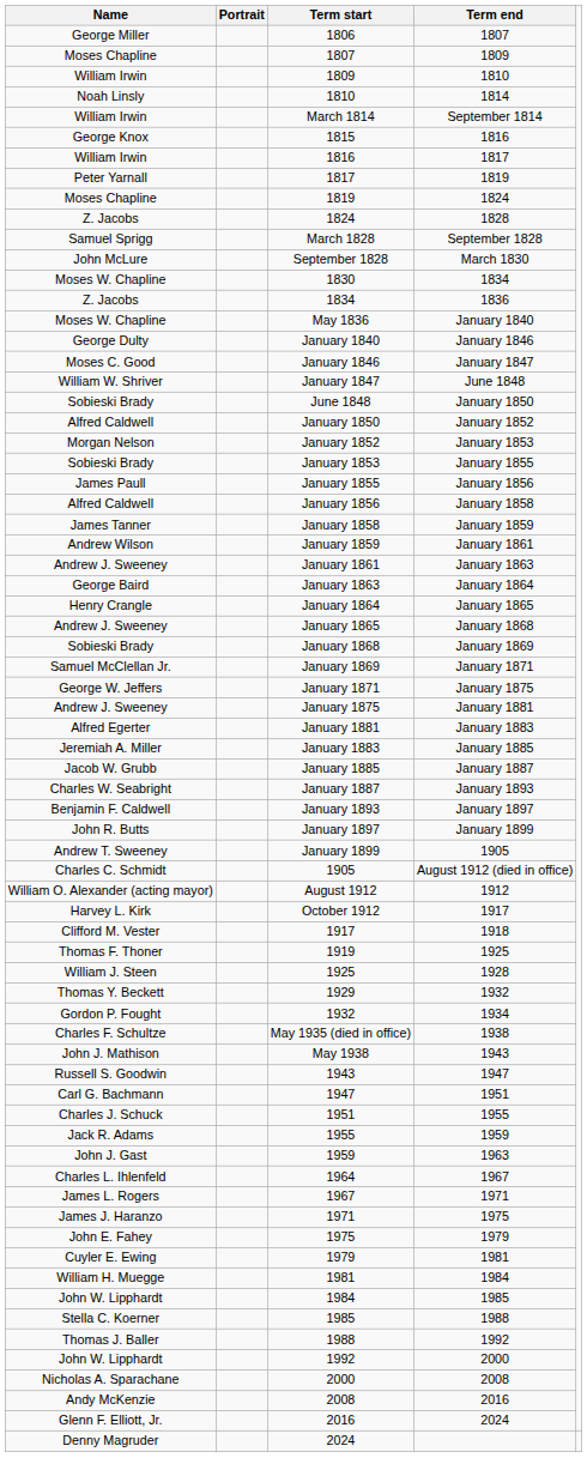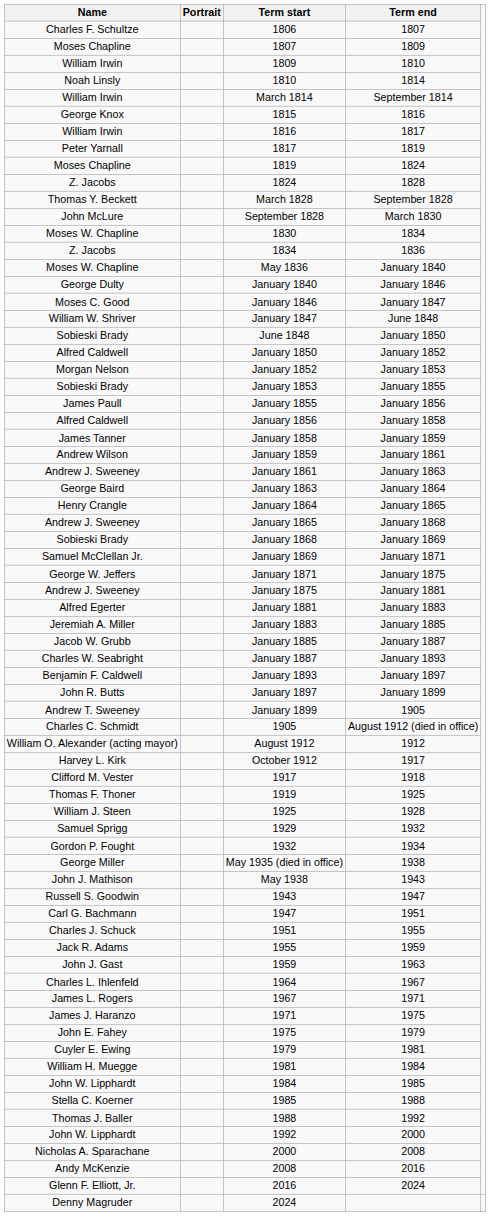 <table class="wikitable" style="text-align:center">
 <tr>
 <th>Name</th>
 <th>Portrait</th>
 <th>Term start</th>
 <th>Term end</th>
 </tr>
 <tr>
-<td>George Miller</td>
+<td>Charles F. Schultze</td>
 <td></td>
 <td>1806</td>
 <td>1807</td>
 </tr>
 <tr>
 <td>Moses Chapline</td>
 <td></td>
 <td>1807</td>
 <td>1809</td>
 </tr>
 <tr>
 <td>William Irwin</td>
 <td></td>
 <td>1809</td>
 <td>1810</td>
 </tr>
 <tr>
 <td>Noah Linsly</td>
 <td></td>
 <td>1810</td>
 <td>1814</td>
 </tr>
 <tr>
 <td>William Irwin</td>
 <td></td>
 <td>March 1814</td>
 <td>September 1814</td>
 </tr>
 <tr>
 <td>George Knox</td>
 <td></td>
 <td>1815</td>
 <td>1816</td>
 </tr>
 <tr>
 <td>William Irwin</td>
 <td></td>
 <td>1816</td>
 <td>1817</td>
 </tr>
 <tr>
 <td>Peter Yarnall</td>
 <td></td>
 <td>1817</td>
 <td>1819</td>
 </tr>
 <tr>
 <td>Moses Chapline</td>
 <td></td>
 <td>1819</td>
 <td>1824</td>
 </tr>
 <tr>
 <td>Z. Jacobs</td>
 <td></td>
 <td>1824</td>
 <td>1828</td>
 </tr>
 <tr>
-<td>Samuel Sprigg</td>
+<td>Thomas Y. Beckett</td>
 <td></td>
 <td>March 1828</td>
 <td>September 1828</td>
 </tr>
 <tr>
 <td>John McLure</td>
 <td></td>
 <td>September 1828</td>
 <td>March 1830</td>
 </tr>
 <tr>
 <td>Moses W. Chapline</td>
 <td></td>
 <td>1830</td>
 <td>1834</td>
 </tr>
 <tr>
 <td>Z. Jacobs</td>
 <td></td>
 <td>1834</td>
 <td>1836</td>
 </tr>
 <tr>
 <td>Moses W. Chapline</td>
 <td></td>
 <td>May 1836</td>
 <td>January 1840</td>
 </tr>
 <tr>
 <td>George Dulty</td>
 <td></td>
 <td>January 1840</td>
 <td>January 1846</td>
 </tr>
 <tr>
 <td>Moses C. Good</td>
 <td></td>
 <td>January 1846</td>
 <td>January 1847</td>
 </tr>
 <tr>
 <td>William W. Shriver</td>
 <td></td>
 <td>January 1847</td>
 <td>June 1848</td>
 </tr>
 <tr>
 <td>Sobieski Brady</td>
 <td></td>
 <td>June 1848</td>
 <td>January 1850</td>
 </tr>
 <tr>
 <td>Alfred Caldwell</td>
 <td></td>
 <td>January 1850</td>
 <td>January 1852</td>
 </tr>
 <tr>
 <td>Morgan Nelson</td>
 <td></td>
 <td>January 1852</td>
 <td>January 1853</td>
 </tr>
 <tr>
 <td>Sobieski Brady</td>
 <td></td>
 <td>January 1853</td>
 <td>January 1855</td>
 </tr>
 <tr>
 <td>James Paull</td>
 <td></td>
 <td>January 1855</td>
 <td>January 1856</td>
 </tr>
 <tr>
 <td>Alfred Caldwell</td>
 <td></td>
 <td>January 1856</td>
 <td>January 1858</td>
 </tr>
 <tr>
 <td>James Tanner</td>
 <td></td>
 <td>January 1858</td>
 <td>January 1859</td>
 </tr>
 <tr>
 <td>Andrew Wilson</td>
 <td></td>
 <td>January 1859</td>
 <td>January 1861</td>
 </tr>
 <tr>
 <td>Andrew J. Sweeney</td>
 <td></td>
 <td>January 1861</td>
 <td>January 1863</td>
 </tr>
 <tr>
 <td>George Baird</td>
 <td></td>
 <td>January 1863</td>
 <td>January 1864</td>
 </tr>
 <tr>
 <td>Henry Crangle</td>
 <td></td>
 <td>January 1864</td>
 <td>January 1865</td>
 </tr>
 <tr>
 <td>Andrew J. Sweeney</td>
 <td></td>
 <td>January 1865</td>
 <td>January 1868</td>
 </tr>
 <tr>
 <td>Sobieski Brady</td>
 <td></td>
 <td>January 1868</td>
 <td>January 1869</td>
 </tr>
 <tr>
 <td>Samuel McClellan Jr.</td>
 <td></td>
 <td>January 1869</td>
 <td>January 1871</td>
 </tr>
 <tr>
 <td>George W. Jeffers</td>
 <td></td>
 <td>January 1871</td>
 <td>January 1875</td>
 </tr>
 <tr>
 <td>Andrew J. Sweeney</td>
 <td></td>
 <td>January 1875</td>
 <td>January 1881</td>
 </tr>
 <tr>
 <td>Alfred Egerter</td>
 <td></td>
 <td>January 1881</td>
 <td>January 1883</td>
 </tr>
 <tr>
 <td>Jeremiah A. Miller</td>
 <td></td>
 <td>January 1883</td>
 <td>January 1885</td>
 </tr>
 <tr>
 <td>Jacob W. Grubb</td>
 <td></td>
 <td>January 1885</td>
 <td>January 1887</td>
 </tr>
 <tr>
 <td>Charles W. Seabright</td>
 <td></td>
 <td>January 1887</td>
 <td>January 1893</td>
 </tr>
 <tr>
 <td>Benjamin F. Caldwell</td>
 <td></td>
 <td>January 1893</td>
 <td>January 1897</td>
 </tr>
 <tr>
 <td>John R. Butts</td>
 <td></td>
 <td>January 1897</td>
 <td>January 1899</td>
 </tr>
 <tr>
 <td>Andrew T. Sweeney</td>
 <td></td>
 <td>January 1899</td>
 <td>1905</td>
 </tr>
 <tr>
 <td>Charles C. Schmidt</td>
 <td></td>
 <td>1905</td>
 <td>August 1912 (died in office)</td>
 </tr>
 <tr>
 <td>William O. Alexander (acting mayor)</td>
 <td></td>
 <td>August 1912</td>
 <td>1912</td>
 </tr>
 <tr>
 <td>Harvey L. Kirk</td>
 <td></td>
 <td>October 1912</td>
 <td>1917</td>
 </tr>
 <tr>
 <td>Clifford M. Vester</td>
 <td></td>
 <td>1917</td>
 <td>1918</td>
 </tr>
 <tr>
 <td>Thomas F. Thoner</td>
 <td></td>
 <td>1919</td>
 <td>1925</td>
 </tr>
 <tr>
 <td>William J. Steen</td>
 <td></td>
 <td>1925</td>
 <td>1928</td>
 </tr>
 <tr>
-<td>Thomas Y. Beckett</td>
+<td>Samuel Sprigg</td>
 <td></td>
 <td>1929</td>
 <td>1932</td>
 </tr>
 <tr>
 <td>Gordon P. Fought</td>
 <td></td>
 <td>1932</td>
 <td>1934</td>
 </tr>
 <tr>
-<td>Charles F. Schultze</td>
+<td>George Miller</td>
 <td></td>
 <td>May 1935 (died in office)</td>
 <td>1938</td>
 </tr>
 <tr>
 <td>John J. Mathison</td>
 <td></td>
 <td>May 1938</td>
 <td>1943</td>
 </tr>
 <tr>
 <td>Russell S. Goodwin</td>
 <td></td>
 <td>1943</td>
 <td>1947</td>
 </tr>
 <tr>
 <td>Carl G. Bachmann</td>
 <td></td>
 <td>1947</td>
 <td>1951</td>
 </tr>
 <tr>
 <td>Charles J. Schuck</td>
 <td></td>
 <td>1951</td>
 <td>1955</td>
 </tr>
 <tr>
 <td>Jack R. Adams</td>
 <td></td>
 <td>1955</td>
 <td>1959</td>
 </tr>
 <tr>
 <td>John J. Gast</td>
 <td></td>
 <td>1959</td>
 <td>1963</td>
 </tr>
 <tr>
 <td>Charles L. Ihlenfeld</td>
 <td></td>
 <td>1964</td>
 <td>1967</td>
 </tr>
 <tr>
 <td>James L. Rogers</td>
 <td></td>
 <td>1967</td>
 <td>1971</td>
 </tr>
 <tr>
 <td>James J. Haranzo</td>
 <td></td>
 <td>1971</td>
 <td>1975</td>
 </tr>
 <tr>
 <td>John E. Fahey</td>
 <td></td>
 <td>1975</td>
 <td>1979</td>
 </tr>
 <tr>
 <td>Cuyler E. Ewing</td>
 <td></td>
 <td>1979</td>
 <td>1981</td>
 </tr>
 <tr>
 <td>William H. Muegge</td>
 <td></td>
 <td>1981</td>
 <td>1984</td>
 </tr>
 <tr>
 <td>John W. Lipphardt</td>
 <td></td>
 <td>1984</td>
 <td>1985</td>
 </tr>
 <tr>
 <td>Stella C. Koerner</td>
 <td></td>
 <td>1985</td>
 <td>1988</td>
 </tr>
 <tr>
 <td>Thomas J. Baller</td>
 <td></td>
 <td>1988</td>
 <td>1992</td>
 </tr>
 <tr>
 <td>John W. Lipphardt</td>
 <td></td>
 <td>1992</td>
 <td>2000</td>
 </tr>
 <tr>
 <td>Nicholas A. Sparachane</td>
 <td></td>
 <td>2000</td>
 <td>2008</td>
 </tr>
 <tr>
 <td>Andy McKenzie</td>
 <td></td>
 <td>2008</td>
 <td>2016</td>
 </tr>
 <tr>
 <td>Glenn F. Elliott, Jr.</td>
 <td></td>
 <td>2016</td>
 <td>2024</td>
 </tr>
 <tr>
 <td>Denny Magruder</td>
 <td></td>
 <td>2024</td>
 <td></td>
 <td></td>
 </tr>
 </table>
